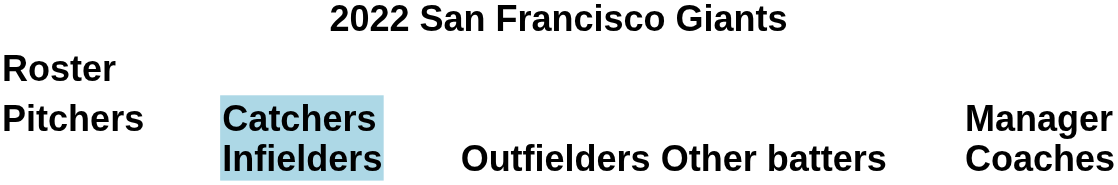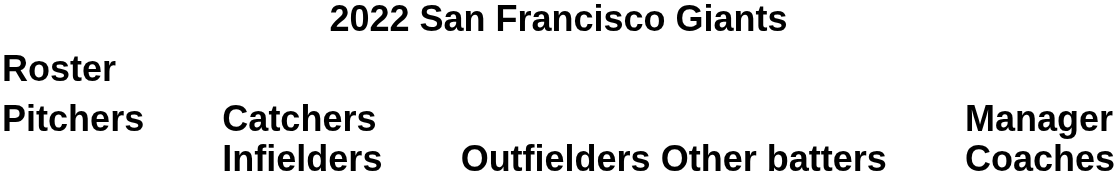 <table class="toccolours" style="font-size: 95%;">
 <tr>
 <th colspan="10">2022 San Francisco Giants</th>
 </tr>
 <tr>
 <td colspan="10"><strong>Roster</strong></td>
 </tr>
 <tr>
 <td valign="top"><strong>Pitchers</strong><br>                            </td>
 <td style="width:25px;"></td>
-<td valign="top" style="background: lightblue;"><strong>Catchers</strong><br>     <strong>Infielders</strong>                </td>
+<td valign="top"><strong>Catchers</strong><br>     <strong>Infielders</strong>                </td>
 <td style="width:25px;"></td>
 <td valign="top"><br><strong>Outfielders</strong>                <strong>Other batters</strong> </td>
 <td style="width:25px;"></td>
 <td valign="top"><strong>Manager</strong><br>  <strong>Coaches</strong>                                </td>
 </tr>
 </table>
